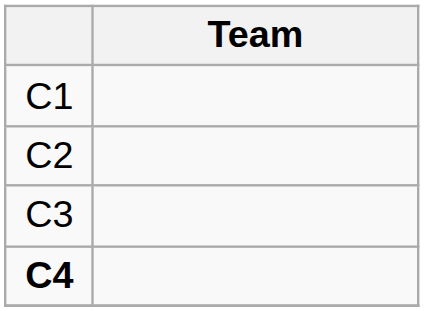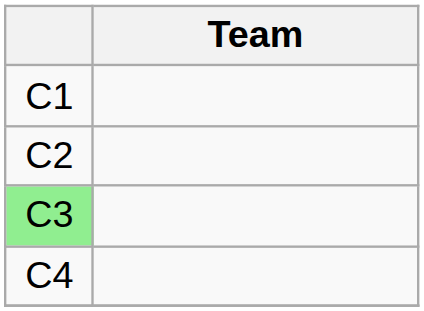 <table class="wikitable" style="display:inline-table;">
 <tr>
 <th width=30></th>
 <th width=130>Team</th>
 </tr>
 <tr>
 <td align=center>C1</td>
 <td></td>
 </tr>
 <tr>
 <td align=center>C2</td>
 <td></td>
 </tr>
 <tr>
-<td align=center>C3</td>
+<td align=center style="background: lightgreen;">C3</td>
 <td></td>
 </tr>
 <tr>
-<td align=center><strong>C4</strong></td>
+<td align=center>C4</td>
 <td></td>
 </tr>
 <tr>
 </tr>
 </table>
